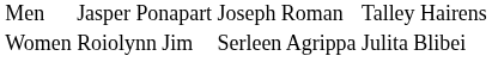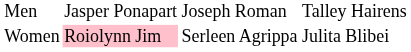 <table>
 <tr>
 <td>Men</td>
 <td nowrap>Jasper Ponapart<br></td>
 <td>Joseph Roman<br></td>
 <td nowrap>Talley Hairens<br></td>
 </tr>
 <tr>
 <td>Women</td>
-<td>Roiolynn Jim<br></td>
+<td style="background: pink;">Roiolynn Jim<br></td>
 <td nowrap>Serleen Agrippa<br></td>
 <td>Julita Blibei<br></td>
 </tr>
 </table>
